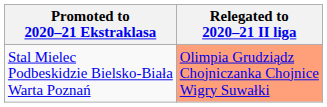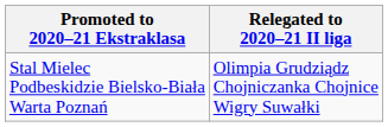 <table class="wikitable">
 <tr>
 <th>Promoted to<br><a href='#'>2020–21 Ekstraklasa</a></th>
 <th>Relegated to<br><a href='#'>2020–21 II liga</a></th>
 </tr>
 <tr>
 <td> <a href='#'>Stal Mielec</a><br> <a href='#'>Podbeskidzie Bielsko-Biała</a><br> <a href='#'>Warta Poznań</a></td>
-<td style="background: lightsalmon;"> <a href='#'>Olimpia Grudziądz</a><br> <a href='#'>Chojniczanka Chojnice</a><br> <a href='#'>Wigry Suwałki</a></td>
+<td> <a href='#'>Olimpia Grudziądz</a><br> <a href='#'>Chojniczanka Chojnice</a><br> <a href='#'>Wigry Suwałki</a></td>
 </tr>
 </table>
